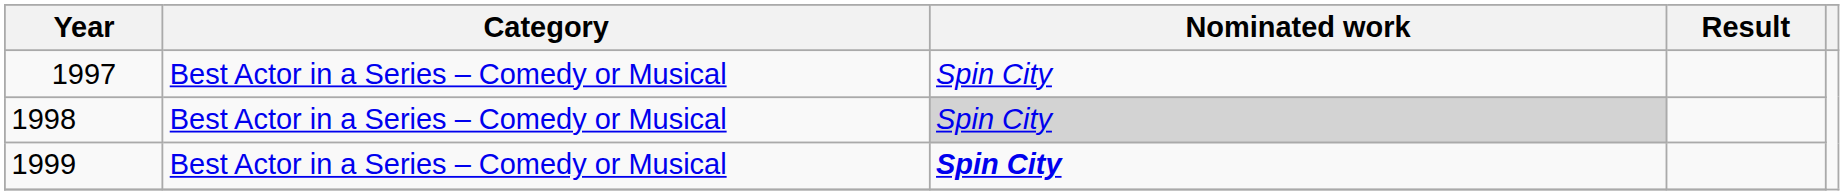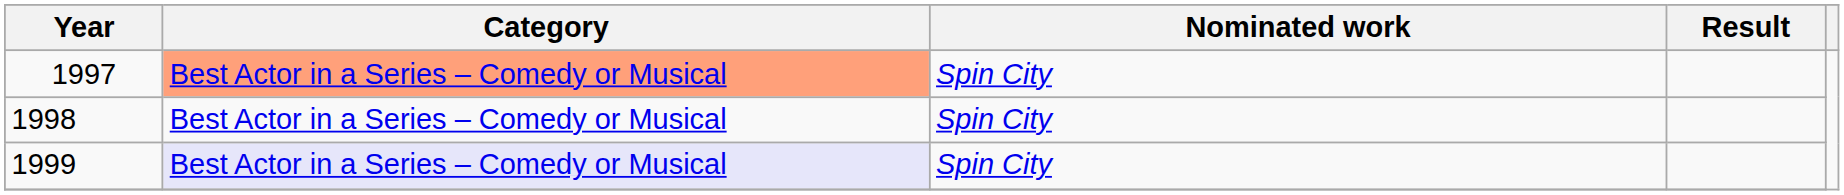 <table class=wikitable>
 <tr>
 <th scope="col" style="width:5em;">Year</th>
 <th scope="col" style="width:26em;">Category</th>
 <th scope="col" style="width:25em;">Nominated work</th>
 <th scope="col" style="width:5em;">Result</th>
 <th></th>
 </tr>
 <tr>
 <td style="text-align:center;">1997</td>
-<td><a href='#'>Best Actor in a Series – Comedy or Musical</a></td>
+<td style="background: lightsalmon;"><a href='#'>Best Actor in a Series – Comedy or Musical</a></td>
 <td><em><a href='#'>Spin City</a></em></td>
 <td></td>
 </tr>
 <tr>
 <td>1998</td>
 <td><a href='#'>Best Actor in a Series – Comedy or Musical</a></td>
-<td style="background: lightgrey;"><em><a href='#'>Spin City</a></em></td>
+<td><em><a href='#'>Spin City</a></em></td>
 <td></td>
 </tr>
 <tr>
 <td>1999</td>
-<td><a href='#'>Best Actor in a Series – Comedy or Musical</a></td>
-<td><strong><em><a href='#'>Spin City</a></em></strong></td>
+<td style="background: lavender;"><a href='#'>Best Actor in a Series – Comedy or Musical</a></td>
+<td><em><a href='#'>Spin City</a></em></td>
 <td></td>
 </tr>
 <tr>
 </tr>
 </table>
